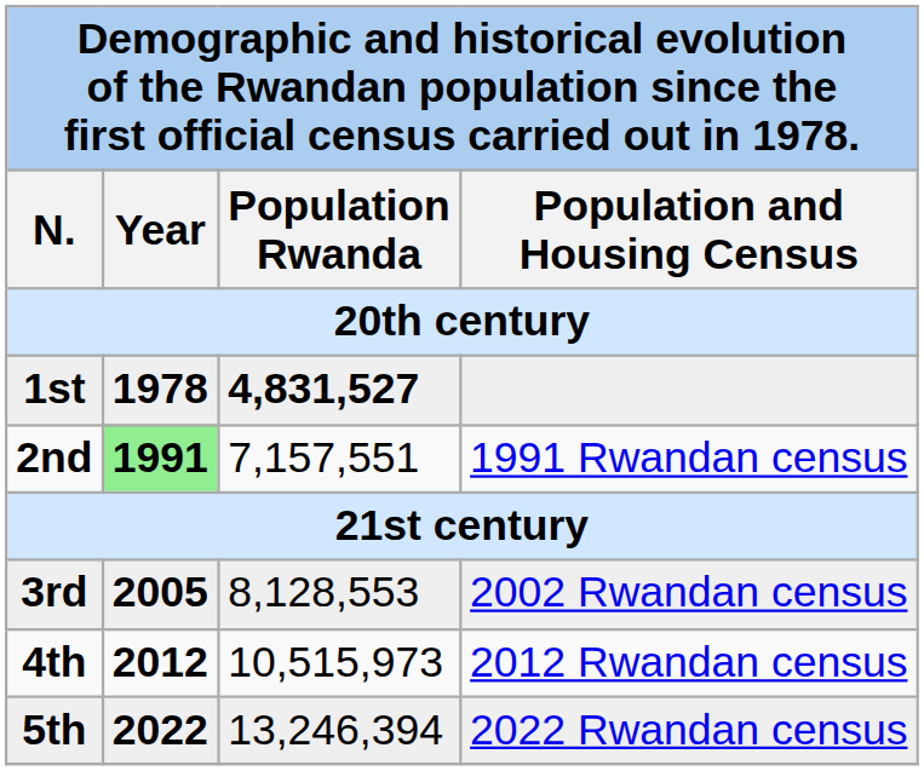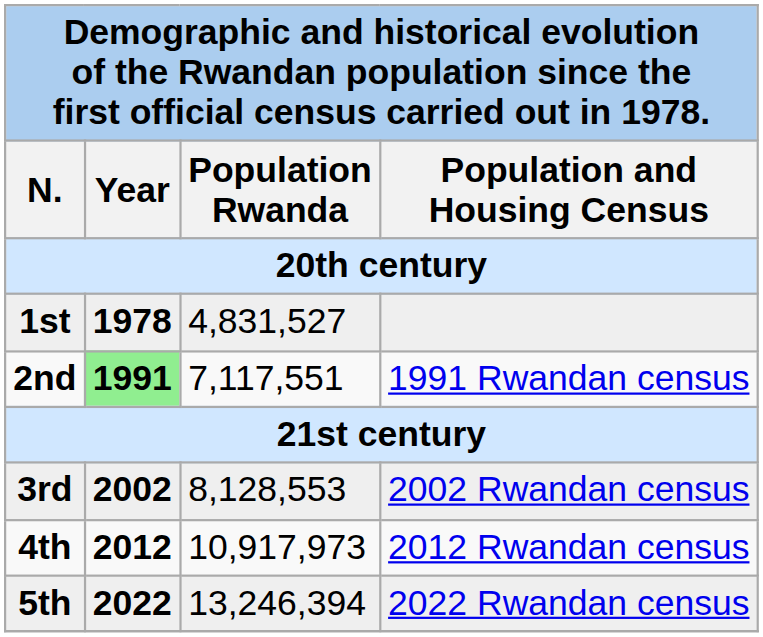 <table class="wikitable">
 <tr>
 <th colspan= "4" style="text-align:center; background:#abcdef;">Demographic and historical evolution <br>of the Rwandan population since the <br> first official census carried out in 1978.</th>
 </tr>
 <tr>
 <th>N.</th>
 <th>Year</th>
 <th>Population<br>Rwanda</th>
 <th>Population and <br> Housing Census</th>
 </tr>
 <tr align="center">
 <td colspan="4" style="background:#D0E7FF"><strong>20th century</strong></td>
 </tr>
 <tr align="center" style="background:#efefef; color:black">
 <td><strong>1st</strong></td>
 <td><strong>1978</strong></td>
-<td align="left"><strong> 4,831,527</strong></td>
+<td align="left"> 4,831,527</td>
 <td></td>
 </tr>
 <tr align="center">
 <td><strong>2nd</strong></td>
 <td style="background: lightgreen;"><strong>1991</strong></td>
-<td align="left"> 7,157,551</td>
+<td align="left"> 7,117,551</td>
 <td><a href='#'>1991 Rwandan census</a></td>
 </tr>
 <tr align="center">
 <td colspan="4" style="background:#D0E7FF"><strong>21st century</strong></td>
 </tr>
 <tr align="center" style="background:#efefef; color:black">
 <td><strong>3rd</strong></td>
-<td><strong>2005</strong></td>
+<td><strong>2002</strong></td>
 <td align="left"> 8,128,553</td>
 <td><a href='#'>2002 Rwandan census</a></td>
 </tr>
 <tr align="center">
 <td><strong>4th</strong></td>
 <td><strong>2012</strong></td>
-<td align="left"> 10,515,973</td>
+<td align="left"> 10,917,973</td>
 <td><a href='#'>2012 Rwandan census</a></td>
 </tr>
 <tr align="center" style="background:#efefef; color:black">
 <td><strong>5th</strong></td>
 <td><strong>2022</strong></td>
 <td align="left"> 13,246,394</td>
 <td><a href='#'>2022 Rwandan census</a></td>
 </tr>
 <tr>
 </tr>
 </table>
